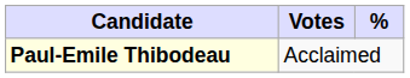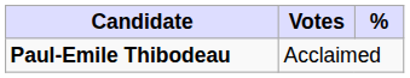 <table class="wikitable">
 <tr>
 <th style="background:#ddf; width:200px;">Candidate</th>
 <th style="background:#ddf; width:50px;">Votes</th>
 <th style="background:#ddf; width:30px;">%</th>
 </tr>
 <tr>
-<td style="background: lightyellow;"><strong>Paul-Emile Thibodeau</strong></td>
+<td><strong>Paul-Emile Thibodeau</strong></td>
 <td colspan="2">Acclaimed</td>
 </tr>
 </table>
